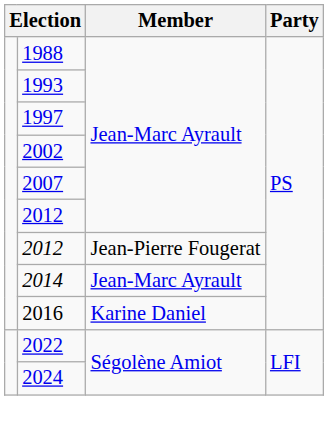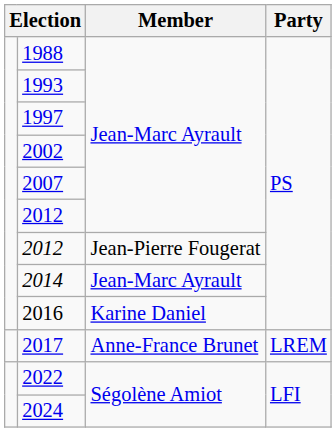 <table class="wikitable">
 <tr>
 <th colspan="2">Election</th>
 <th>Member</th>
 <th>Party</th>
 </tr>
 <tr>
 <td rowspan=9 style="color:inherit;background-color: "></td>
 <td><a href='#'>1988</a></td>
 <td rowspan=6><a href='#'>Jean-Marc Ayrault</a></td>
 <td rowspan=9><a href='#'>PS</a></td>
 </tr>
 <tr>
 <td><a href='#'>1993</a></td>
 </tr>
 <tr>
 <td><a href='#'>1997</a></td>
 </tr>
 <tr>
 <td><a href='#'>2002</a></td>
 </tr>
 <tr>
 <td><a href='#'>2007</a></td>
 </tr>
 <tr>
 <td><a href='#'>2012</a></td>
 </tr>
 <tr>
 <td><em>2012</em></td>
 <td>Jean-Pierre Fougerat</td>
 </tr>
 <tr>
 <td><em>2014</em></td>
 <td><a href='#'>Jean-Marc Ayrault</a></td>
 </tr>
 <tr>
 <td>2016</td>
 <td><a href='#'>Karine Daniel</a></td>
 </tr>
 <tr>
+<td style="color:inherit;background-color: "></td>
+<td><a href='#'>2017</a></td>
+<td><a href='#'>Anne-France Brunet</a></td>
+<td><a href='#'>LREM</a></td>
+</tr>
+<tr>
 <td rowspan=2 style="color:inherit;background-color:"></td>
 <td><a href='#'>2022</a></td>
 <td rowspan=2><a href='#'>Ségolène Amiot</a></td>
 <td rowspan=2><a href='#'>LFI</a></td>
 </tr>
 <tr>
 <td><a href='#'>2024</a></td>
 </tr>
 </table>
